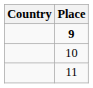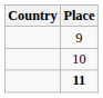 <table class="wikitable sortable" style="text-align:center">
 <tr>
 <th>Country</th>
 <th>Place</th>
 </tr>
 <tr>
 <td align=left></td>
-<td><strong>9</strong></td>
+<td>9</td>
 </tr>
 <tr>
 <td align=left></td>
 <td>10</td>
 </tr>
 <tr>
 <td align=left></td>
-<td>11</td>
+<td><strong>11</strong></td>
 </tr>
 </table>
